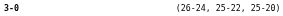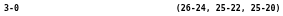 <table width=100% cellspacing=1>
 <tr>
 <th width=20%></th>
 <th width=12%></th>
 <th width=20%></th>
 <th width=33%></th>
 <td></td>
 </tr>
 <tr style=font-size:90%>
 <td align=right></td>
 <td align=center><strong>3-0</strong></td>
 <td></td>
-<td>(26-24, 25-22, 25-20)</td>
+<td><strong>(26-24, 25-22, 25-20)</strong></td>
 </tr>
 </table>
